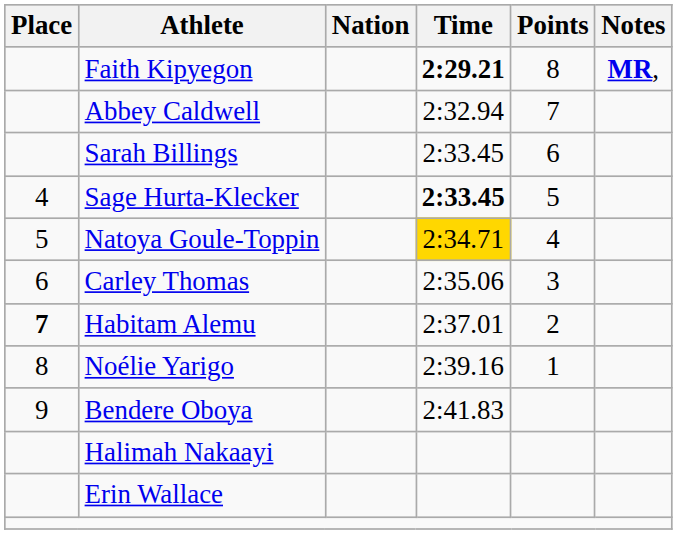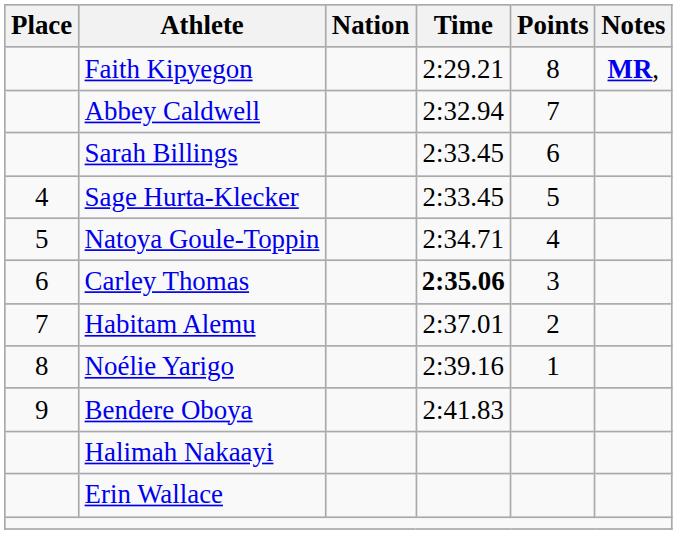 <table class="wikitable mw-datatable sortable" style="text-align:center;">
 <tr>
 <th scope="col">Place</th>
 <th scope="col">Athlete</th>
 <th scope="col">Nation</th>
 <th scope="col">Time</th>
 <th scope="col">Points</th>
 <th scope="col">Notes</th>
 </tr>
 <tr>
 <td></td>
 <td align="left"><a href='#'>Faith Kipyegon</a></td>
 <td align="left"></td>
-<td><strong>2:29.21</strong></td>
+<td>2:29.21</td>
 <td>8</td>
 <td><strong><a href='#'>MR</a></strong>, </td>
 </tr>
 <tr>
 <td></td>
 <td align="left"><a href='#'>Abbey Caldwell</a></td>
 <td align="left"></td>
 <td>2:32.94</td>
 <td>7</td>
 <td></td>
 </tr>
 <tr>
 <td></td>
 <td align="left"><a href='#'>Sarah Billings</a></td>
 <td align="left"></td>
 <td>2:33.45</td>
 <td>6</td>
 <td></td>
 </tr>
 <tr>
 <td>4</td>
 <td align="left"><a href='#'>Sage Hurta-Klecker</a></td>
 <td align="left"></td>
-<td><strong>2:33.45</strong></td>
+<td>2:33.45</td>
 <td>5</td>
 <td></td>
 </tr>
 <tr>
 <td>5</td>
 <td align="left"><a href='#'>Natoya Goule-Toppin</a></td>
 <td align="left"></td>
-<td style="background: gold;">2:34.71</td>
+<td>2:34.71</td>
 <td>4</td>
 <td></td>
 </tr>
 <tr>
 <td>6</td>
 <td align="left"><a href='#'>Carley Thomas</a></td>
 <td align="left"></td>
-<td>2:35.06</td>
+<td><strong>2:35.06</strong></td>
 <td>3</td>
 <td></td>
 </tr>
 <tr>
-<td><strong>7</strong></td>
+<td>7</td>
 <td align="left"><a href='#'>Habitam Alemu</a></td>
 <td align="left"></td>
 <td>2:37.01</td>
 <td>2</td>
 <td></td>
 </tr>
 <tr>
 <td>8</td>
 <td align="left"><a href='#'>Noélie Yarigo</a></td>
 <td align="left"></td>
 <td>2:39.16</td>
 <td>1</td>
 <td></td>
 </tr>
 <tr>
 <td>9</td>
 <td align="left"><a href='#'>Bendere Oboya</a></td>
 <td align="left"></td>
 <td>2:41.83</td>
 <td></td>
 <td></td>
 </tr>
 <tr>
 <td></td>
 <td align="left"><a href='#'>Halimah Nakaayi</a></td>
 <td align="left"></td>
 <td></td>
 <td></td>
 <td></td>
 </tr>
 <tr>
 <td></td>
 <td align="left"><a href='#'>Erin Wallace</a></td>
 <td align="left"></td>
 <td></td>
 <td></td>
 <td></td>
 </tr>
 <tr class="sortbottom">
 <td colspan="6"></td>
 </tr>
 </table>
